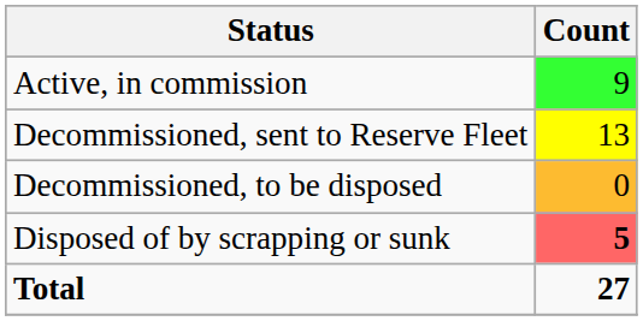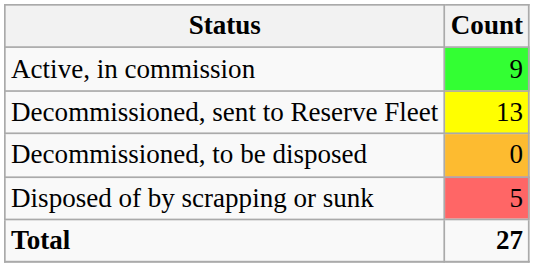 <table class="wikitable">
 <tr>
 <th>Status</th>
 <th>Count</th>
 </tr>
 <tr>
 <td>Active, in commission</td>
 <td align="right" style="background:#3f3;">9</td>
 </tr>
 <tr>
 <td>Decommissioned, sent to Reserve Fleet</td>
 <td align="right" style="background:#ffff00">13</td>
 </tr>
 <tr>
 <td>Decommissioned, to be disposed</td>
 <td align="right" style="background:#fdbb30">0</td>
 </tr>
 <tr>
 <td>Disposed of by scrapping or sunk</td>
-<td align="right" style="background:#f66"><strong>5</strong></td>
+<td align="right" style="background:#f66">5</td>
 </tr>
 <tr>
 <td><strong>Total</strong></td>
 <td align="right"><strong>27</strong></td>
 </tr>
 <tr>
 </tr>
 </table>
